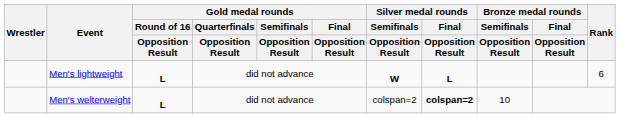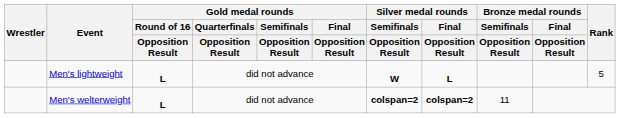 <table class="wikitable sortable" style=text-align:center>
 <tr>
 <th rowspan=3>Wrestler</th>
 <th rowspan=3>Event</th>
 <th colspan=4>Gold medal rounds</th>
 <th colspan=2>Silver medal rounds</th>
 <th colspan=2>Bronze medal rounds</th>
 <th rowspan=3>Rank</th>
 </tr>
 <tr>
 <th>Round of 16</th>
 <th>Quarterfinals</th>
 <th>Semifinals</th>
 <th>Final</th>
 <th>Semifinals</th>
 <th>Final</th>
 <th>Semifinals</th>
 <th>Final</th>
 </tr>
 <tr>
 <th>Opposition<br>Result</th>
 <th>Opposition<br>Result</th>
 <th>Opposition<br>Result</th>
 <th>Opposition<br>Result</th>
 <th>Opposition<br>Result</th>
 <th>Opposition<br>Result</th>
 <th>Opposition<br>Result</th>
 <th>Opposition<br>Result</th>
 </tr>
 <tr>
 <td align=left></td>
 <td align=left><a href='#'>Men's lightweight</a></td>
 <td><br><strong>L</strong></td>
 <td colspan=3>did not advance</td>
 <td><br><strong>W</strong></td>
 <td><br><strong>L</strong></td>
 <td></td>
 <td></td>
-<td>6</td>
+<td>5</td>
 </tr>
 <tr>
 <td align=left></td>
 <td align=left><a href='#'>Men's welterweight</a></td>
 <td><br><strong>L</strong></td>
 <td colspan=3>did not advance</td>
-<td>colspan=2 </td>
 <td><strong>colspan=2 </strong></td>
-<td>10</td>
+<td><strong>colspan=2 </strong></td>
+<td>11</td>
 </tr>
 </table>
